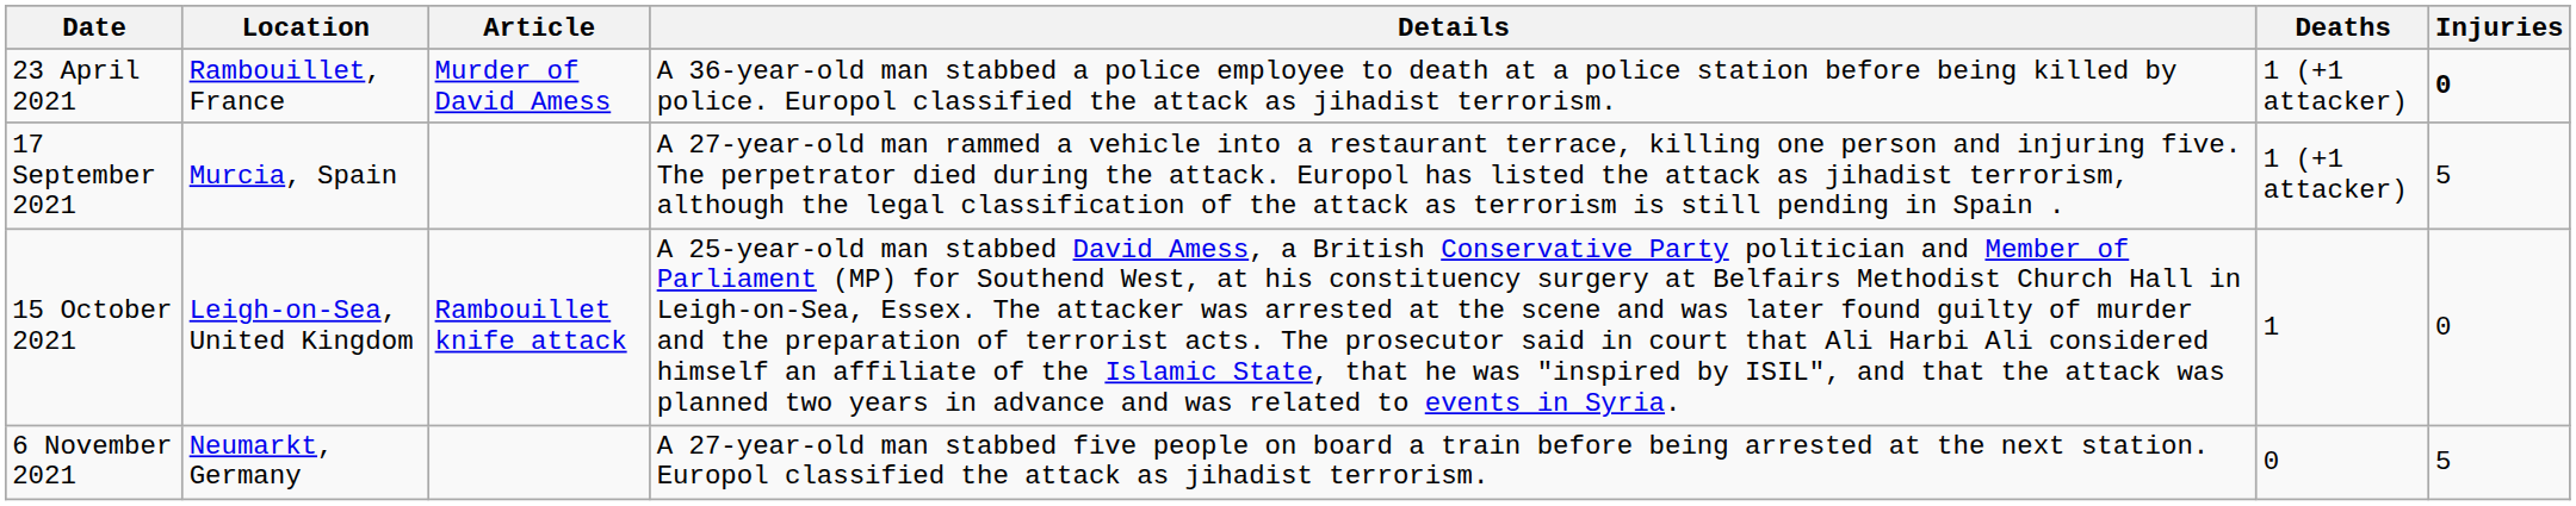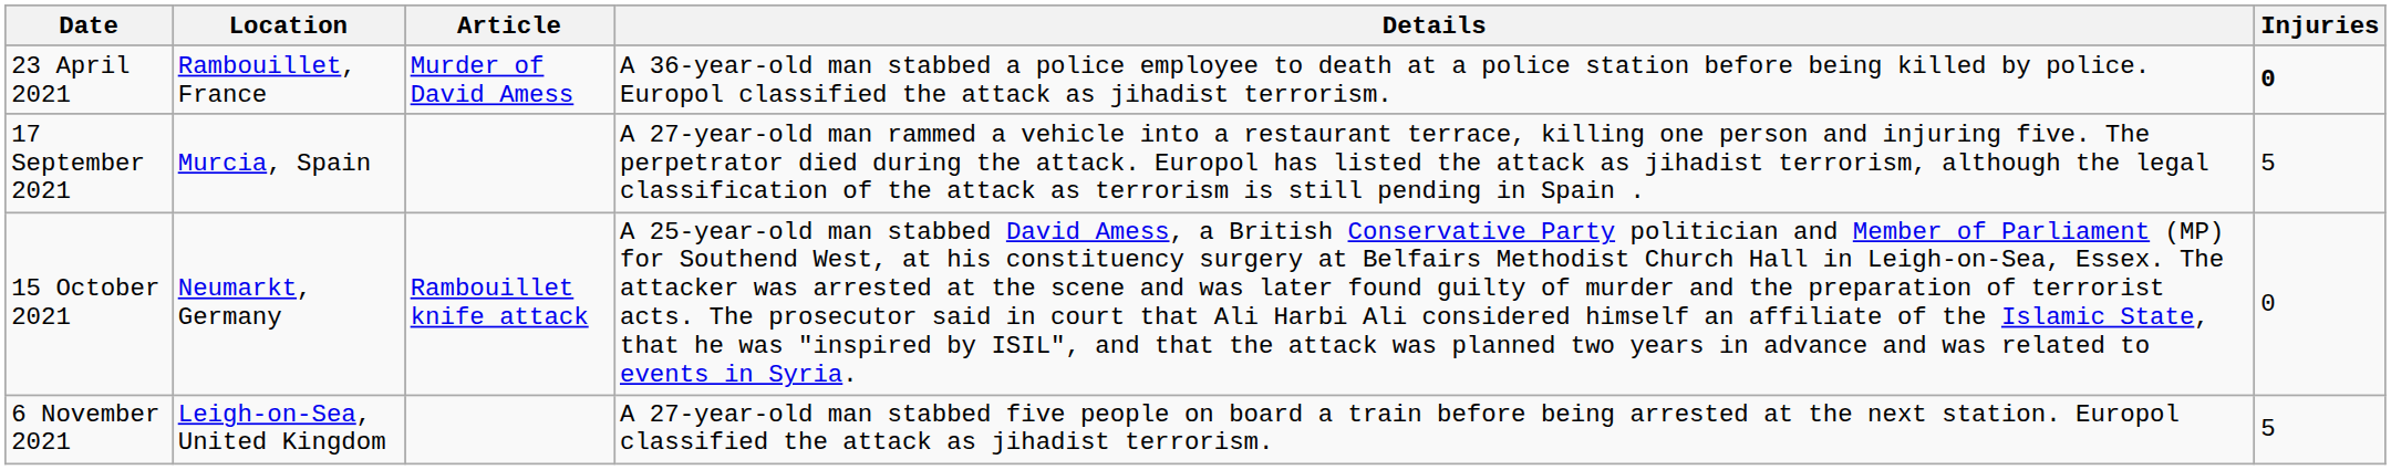 <table class="wikitable ">
 <tr>
 <th>Date</th>
 <th>Location</th>
 <th>Article</th>
 <th>Details</th>
-<th>Deaths</th>
 <th>Injuries</th>
 </tr>
 <tr>
 <td>23 April 2021</td>
 <td> <a href='#'>Rambouillet</a>, France</td>
 <td><a href='#'>Murder of David Amess</a></td>
 <td>A 36-year-old man stabbed a police employee to death at a police station before being killed by police. Europol classified the attack as jihadist terrorism.</td>
-<td>1 (+1 attacker)</td>
 <td><strong>0</strong></td>
 </tr>
 <tr>
 <td>17 September 2021</td>
 <td> <a href='#'>Murcia</a>, Spain</td>
 <td></td>
 <td>A 27-year-old man rammed a vehicle into a restaurant terrace, killing one person and injuring five. The perpetrator died during the attack. Europol has listed the attack as jihadist terrorism, although the legal classification of the attack as terrorism is still pending in Spain .</td>
-<td>1 (+1 attacker)</td>
 <td>5</td>
 </tr>
 <tr>
 <td>15 October 2021</td>
-<td> <a href='#'>Leigh-on-Sea</a>, United Kingdom</td>
+<td> <a href='#'>Neumarkt</a>, Germany</td>
 <td><a href='#'>Rambouillet knife attack</a></td>
 <td>A 25-year-old man stabbed <a href='#'>David Amess</a>, a British <a href='#'>Conservative Party</a> politician and <a href='#'>Member of Parliament</a> (MP) for Southend West, at his constituency surgery at Belfairs Methodist Church Hall in Leigh-on-Sea, Essex. The attacker was arrested at the scene and was later found guilty of murder and the preparation of terrorist acts. The prosecutor said in court that Ali Harbi Ali considered himself an affiliate of the <a href='#'>Islamic State</a>, that he was "inspired by ISIL", and that the attack was planned two years in advance and was related to <a href='#'>events in Syria</a>.</td>
-<td>1</td>
 <td>0</td>
 </tr>
 <tr>
 <td>6 November 2021</td>
-<td> <a href='#'>Neumarkt</a>, Germany</td>
+<td> <a href='#'>Leigh-on-Sea</a>, United Kingdom</td>
 <td></td>
 <td>A 27-year-old man stabbed five people on board a train before being arrested at the next station. Europol classified the attack as jihadist terrorism.</td>
-<td>0</td>
 <td>5</td>
 </tr>
 </table>
